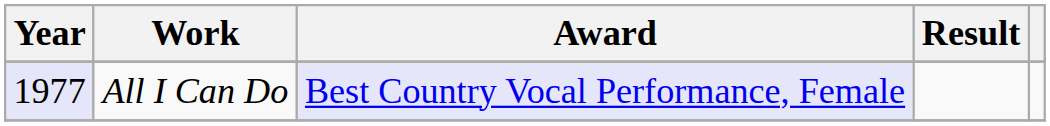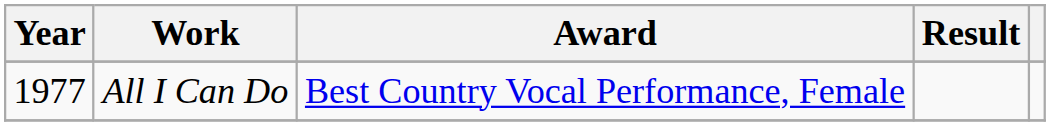 <table class="wikitable">
 <tr>
 <th scope="col">Year</th>
 <th scope="col">Work</th>
 <th scope="col">Award</th>
 <th scope="col">Result</th>
 <th scope="col"></th>
 </tr>
 <tr>
 </tr>
 <tr>
-<td style="background: lavender;">1977</td>
+<td>1977</td>
 <td><em>All I Can Do</em></td>
-<td style="background: lavender;"><a href='#'>Best Country Vocal Performance, Female</a></td>
+<td><a href='#'>Best Country Vocal Performance, Female</a></td>
 <td></td>
 <td></td>
 </tr>
 <tr>
 </tr>
 </table>
